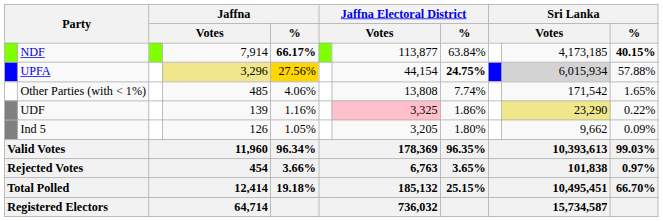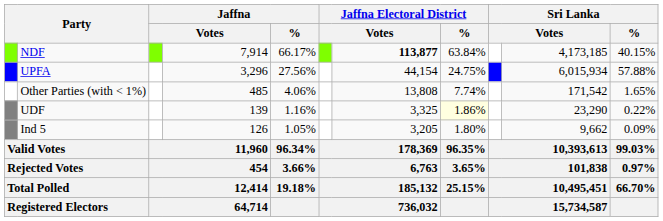 <table class="wikitable">
 <tr>
 <th colspan="2" width="144px"rowspan="2">Party</th>
 <th colspan="3" width="216px">Jaffna</th>
 <th colspan="3" width="216px"><a href='#'>Jaffna Electoral District</a></th>
 <th colspan="3" width="216px">Sri Lanka</th>
 </tr>
 <tr>
 <th colspan="2" width="144px">Votes</th>
 <th>%</th>
 <th colspan="2" width="144px">Votes</th>
 <th>%</th>
 <th colspan="2" width="144px">Votes</th>
 <th>%</th>
 </tr>
 <tr>
 <td style="background-color:chartreuse;" width="10px"></td>
 <td style="text-align:left;"><a href='#'>NDF</a></td>
 <td style="background-color:chartreuse;" width="10px"></td>
 <td style="text-align:right;">7,914</td>
-<td style="text-align:right;"><strong>66.17%</strong></td>
+<td style="text-align:right;">66.17%</td>
 <td style="background-color:chartreuse;" width="10px"></td>
-<td style="text-align:right;">113,877</td>
+<td style="text-align:right;"><strong>113,877</strong></td>
 <td style="text-align:right;">63.84%</td>
 <td style="background-color:white;" width="10px"></td>
 <td style="text-align:right;">4,173,185</td>
-<td style="text-align:right;"><strong>40.15%</strong></td>
+<td style="text-align:right;">40.15%</td>
 </tr>
 <tr>
 <td style="background-color:blue;" width="10px"></td>
 <td style="text-align:left;"><a href='#'>UPFA</a></td>
 <td style="background-color:white;" width="10px"></td>
-<td style="background: khaki; text-align:right;">3,296</td>
-<td style="background: gold; text-align:right;">27.56%</td>
+<td style="text-align:right;">3,296</td>
+<td style="text-align:right;">27.56%</td>
 <td style="background-color:white;" width="10px"></td>
 <td style="text-align:right;">44,154</td>
-<td style="text-align:right;"><strong>24.75%</strong></td>
+<td style="text-align:right;">24.75%</td>
 <td style="background-color:blue;" width="10px"></td>
-<td style="background: lightgrey; text-align:right;">6,015,934</td>
+<td style="text-align:right;">6,015,934</td>
 <td style="text-align:right;">57.88%</td>
 </tr>
 <tr>
 <td style="background-color:white;" width="10px"></td>
 <td style="text-align:left;">Other Parties (with < 1%)</td>
 <td style="background-color:white;" width="10px"></td>
 <td style="text-align:right;">485</td>
 <td style="text-align:right;">4.06%</td>
 <td style="background-color:white;" width="10px"></td>
 <td style="text-align:right;">13,808</td>
 <td style="text-align:right;">7.74%</td>
 <td style="background-color:white;" width="10px"></td>
 <td style="text-align:right;">171,542</td>
 <td style="text-align:right;">1.65%</td>
 </tr>
 <tr>
 <td style="background-color:grey;" width="10px"></td>
 <td style="text-align:left;">UDF</td>
 <td style="background-color:white;" width="10px"></td>
 <td style="text-align:right;">139</td>
 <td style="text-align:right;">1.16%</td>
 <td style="background-color:white;" width="10px"></td>
-<td style="background: pink; text-align:right;">3,325</td>
-<td style="text-align:right;">1.86%</td>
+<td style="text-align:right;">3,325</td>
+<td style="background: lightyellow; text-align:right;">1.86%</td>
 <td style="background-color:white;" width="10px"></td>
-<td style="background: khaki; text-align:right;">23,290</td>
+<td style="text-align:right;">23,290</td>
 <td style="text-align:right;">0.22%</td>
 </tr>
 <tr>
 <td style="background-color:grey;" width="10px"></td>
 <td style="text-align:left;">Ind 5</td>
 <td style="background-color:white;" width="10px"></td>
 <td style="text-align:right;">126</td>
 <td style="text-align:right;">1.05%</td>
 <td style="background-color:white;" width="10px"></td>
 <td style="text-align:right;">3,205</td>
 <td style="text-align:right;">1.80%</td>
 <td style="background-color:white;" width="10px"></td>
 <td style="text-align:right;">9,662</td>
 <td style="text-align:right;">0.09%</td>
 </tr>
 <tr>
 <th colspan="2" width="144px"style="text-align:left;">Valid Votes</th>
 <th style="text-align:right;"colspan="2" width="144px">11,960</th>
 <th style="text-align:right;">96.34%</th>
 <th style="text-align:right;"colspan="2" width="144px">178,369</th>
 <th style="text-align:right;">96.35%</th>
 <th style="text-align:right;"colspan="2" width="144px">10,393,613</th>
 <th style="text-align:right;">99.03%</th>
 </tr>
 <tr>
 <th colspan="2" width="144px"style="text-align:left;">Rejected Votes</th>
 <th style="text-align:right;"colspan="2" width="144px">454</th>
 <th style="text-align:right;">3.66%</th>
 <th style="text-align:right;"colspan="2" width="144px">6,763</th>
 <th style="text-align:right;">3.65%</th>
 <th style="text-align:right;"colspan="2" width="144px">101,838</th>
 <th style="text-align:right;">0.97%</th>
 </tr>
 <tr>
 <th colspan="2" width="144px"style="text-align:left;">Total Polled</th>
 <th style="text-align:right;"colspan="2" width="144px">12,414</th>
 <th style="text-align:right;">19.18%</th>
 <th style="text-align:right;"colspan="2" width="144px">185,132</th>
 <th style="text-align:right;">25.15%</th>
 <th style="text-align:right;"colspan="2" width="144px">10,495,451</th>
 <th style="text-align:right;">66.70%</th>
 </tr>
 <tr>
 <th colspan="2" width="144px"style="text-align:left;">Registered Electors</th>
 <th style="text-align:right;"colspan="2" width="144px">64,714</th>
 <th></th>
 <th style="text-align:right;"colspan="2" width="144px">736,032</th>
 <th></th>
 <th style="text-align:right;"colspan="2" width="144px">15,734,587</th>
 <th></th>
 </tr>
 </table>
